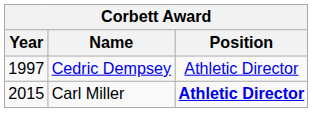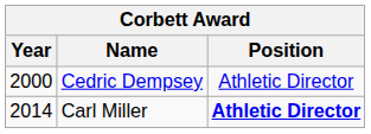 <table class="wikitable">
 <tr align="center">
 <th colspan=5>Corbett Award</th>
 </tr>
 <tr>
 <th>Year</th>
 <th>Name</th>
 <th>Position</th>
 </tr>
 <tr align="center" bgcolor="">
-<td>1997</td>
+<td>2000</td>
 <td><a href='#'>Cedric Dempsey</a></td>
 <td><a href='#'>Athletic Director</a></td>
 </tr>
 <tr>
-<td>2015</td>
+<td>2014</td>
 <td>Carl Miller</td>
 <td><strong><a href='#'>Athletic Director</a></strong></td>
 </tr>
 </table>
